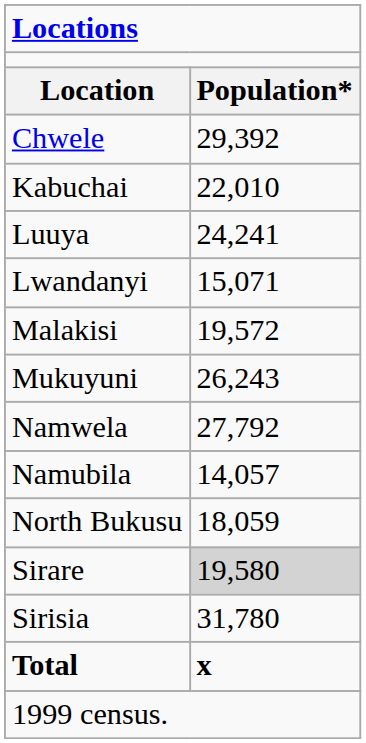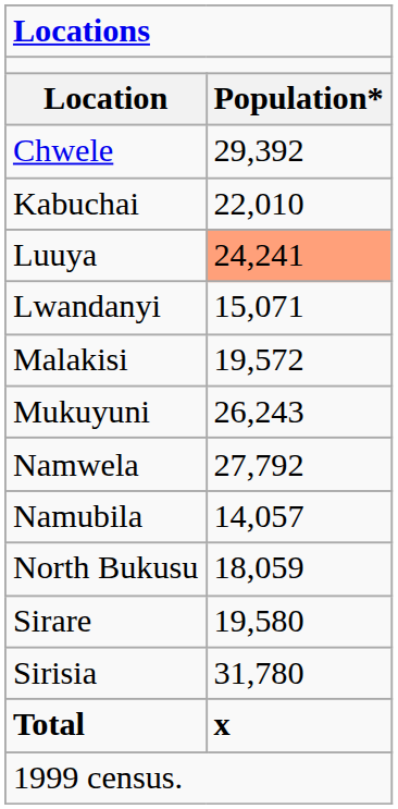 <table class="wikitable">
 <tr>
 <td colspan="2"><strong><a href='#'>Locations</a></strong></td>
 </tr>
 <tr>
 <td colspan="2"></td>
 </tr>
 <tr>
 <th>Location</th>
 <th>Population*</th>
 </tr>
 <tr>
 <td><a href='#'>Chwele</a></td>
 <td>29,392</td>
 </tr>
 <tr>
 <td>Kabuchai</td>
 <td>22,010</td>
 </tr>
 <tr>
 <td>Luuya</td>
-<td>24,241</td>
+<td style="background: lightsalmon;">24,241</td>
 </tr>
 <tr>
 <td>Lwandanyi</td>
 <td>15,071</td>
 </tr>
 <tr>
 <td>Malakisi</td>
 <td>19,572</td>
 </tr>
 <tr>
 <td>Mukuyuni</td>
 <td>26,243</td>
 </tr>
 <tr>
 <td>Namwela</td>
 <td>27,792</td>
 </tr>
 <tr>
 <td>Namubila</td>
 <td>14,057</td>
 </tr>
 <tr>
 <td>North Bukusu</td>
 <td>18,059</td>
 </tr>
 <tr>
 <td>Sirare</td>
-<td style="background: lightgrey;">19,580</td>
+<td>19,580</td>
 </tr>
 <tr>
 <td>Sirisia</td>
 <td>31,780</td>
 </tr>
 <tr>
 <td><strong>Total</strong></td>
 <td><strong>x</strong></td>
 </tr>
 <tr>
 <td colspan="2">1999 census.</td>
 </tr>
 </table>
